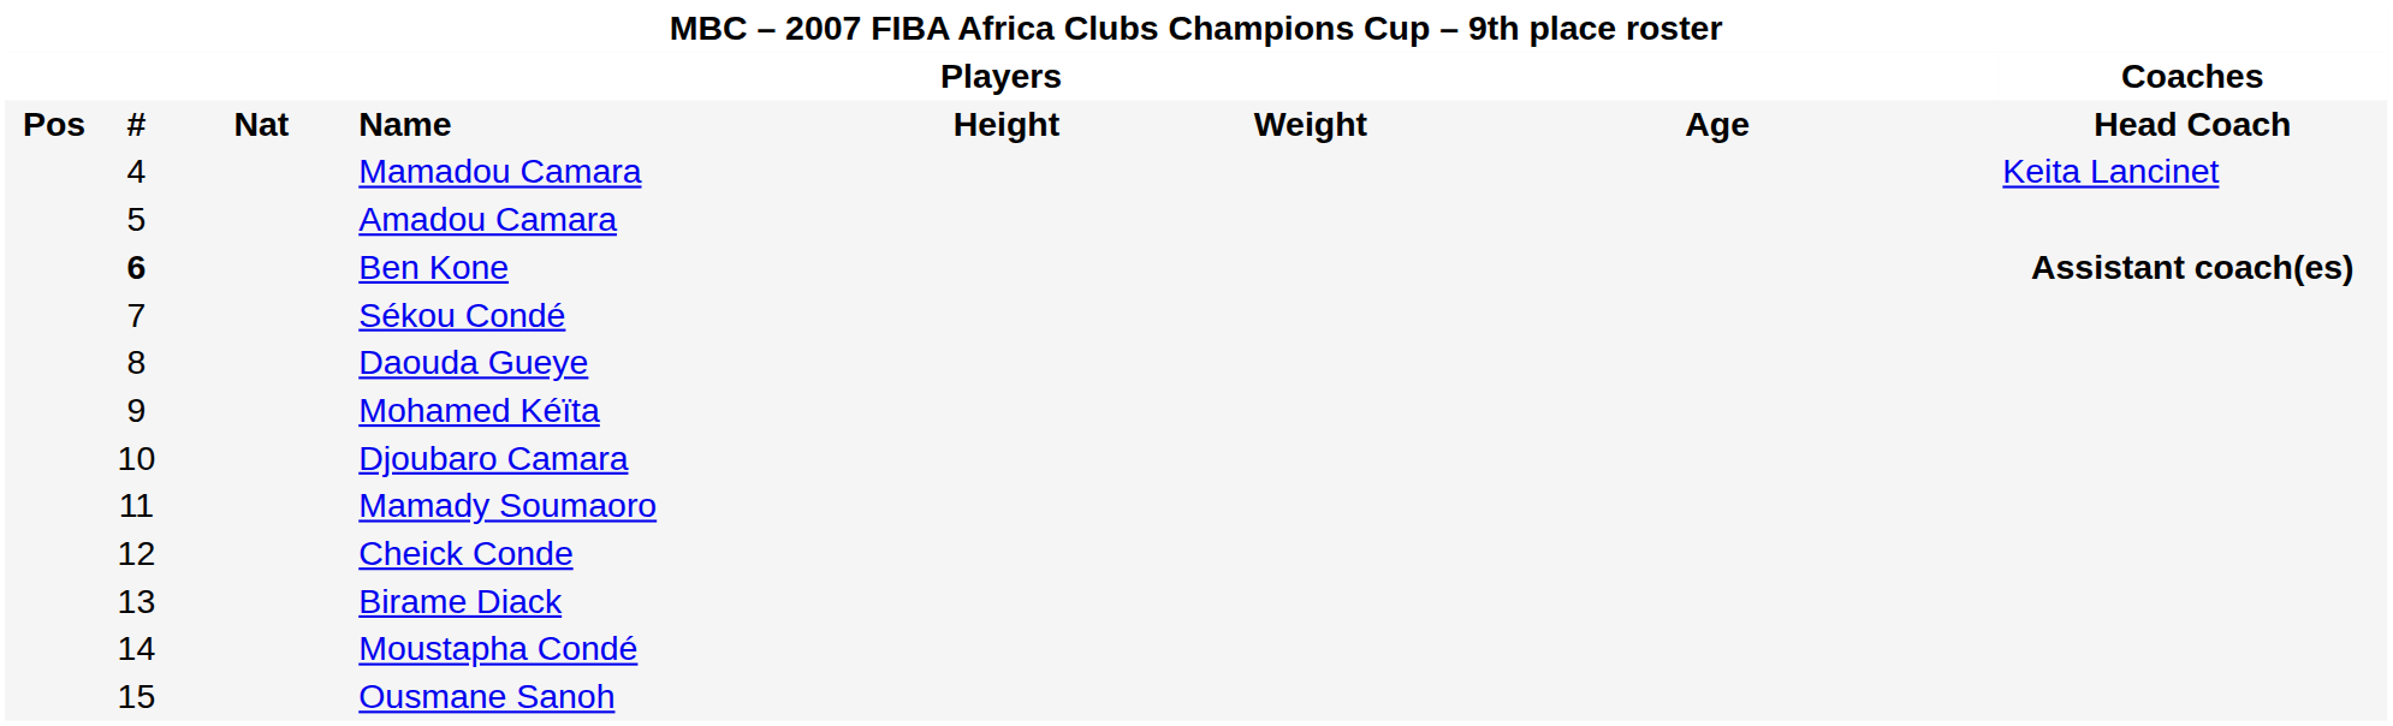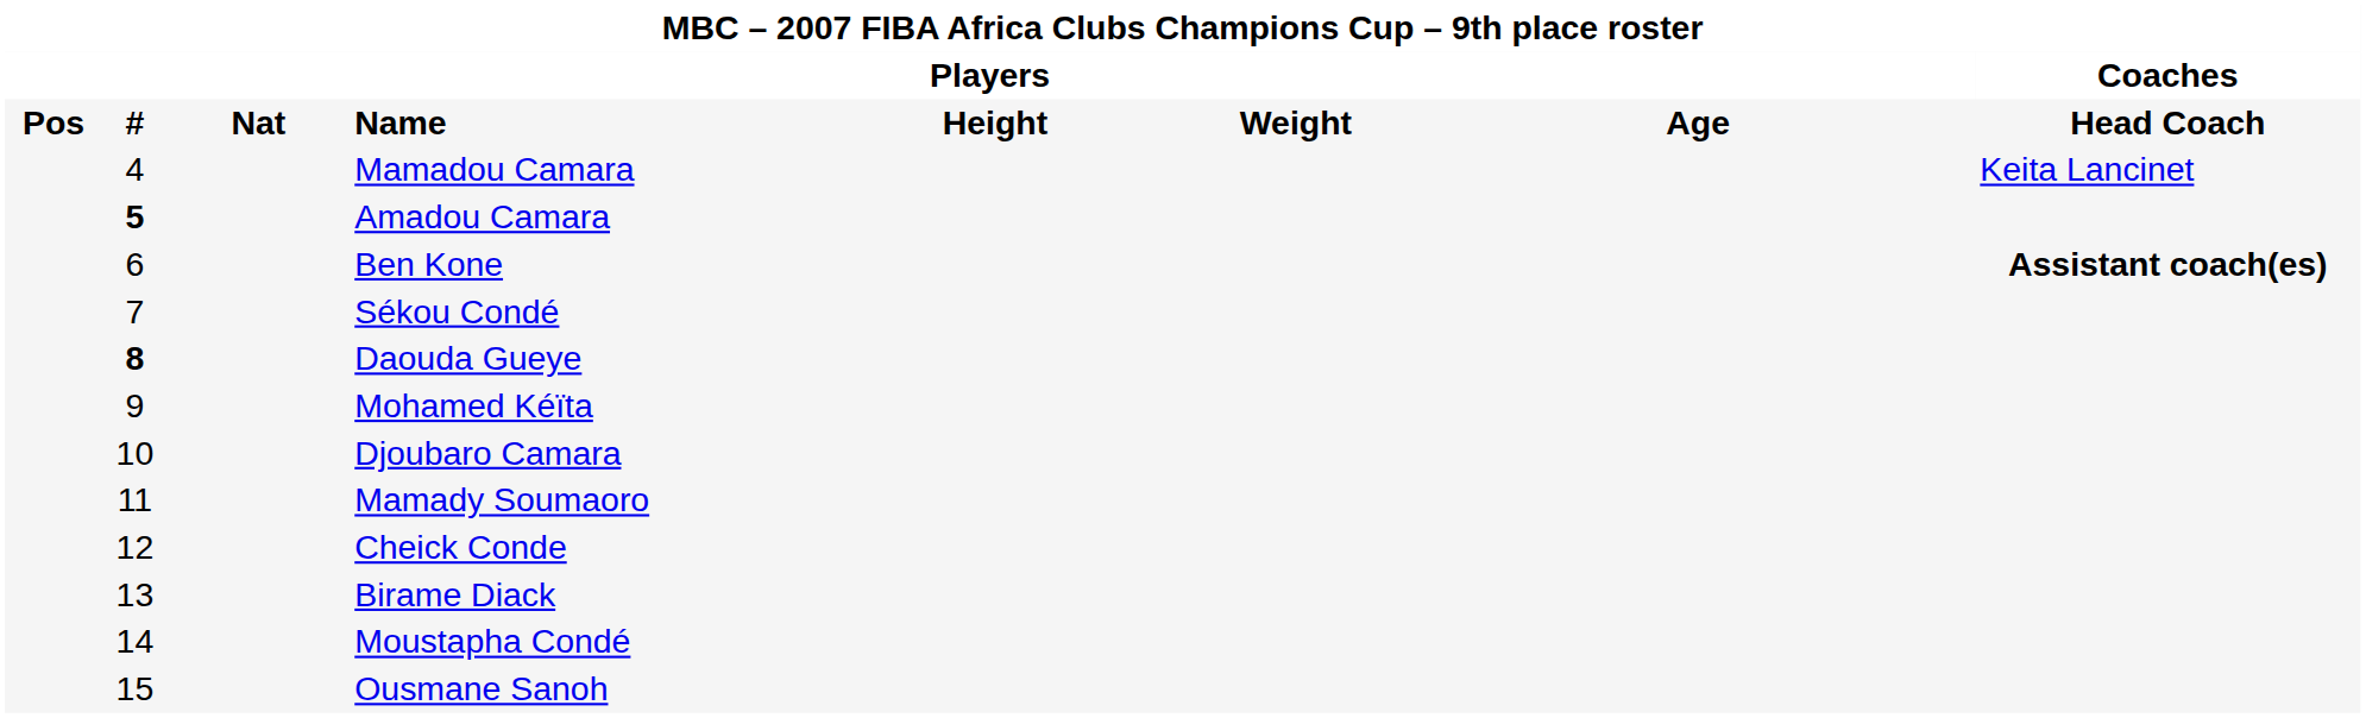 <table border=0 cellpadding=2 cellspacing=0  |- bgcolor=#f5f5f5 style="text-align:center; font-size:85%;" width=75%>
 <tr>
 <td colspan="8" style="background: white; color: black"><strong>MBC – 2007 FIBA Africa Clubs Champions Cup – 9th place roster</strong></td>
 </tr>
 <tr>
 <td colspan="7" style="background: white; color: black"><strong>Players</strong></td>
 <td style="background: white; color: black"><strong>Coaches</strong></td>
 </tr>
 <tr style="background=#f5f5f5; color: black">
 <th width=5px>Pos</th>
 <th width=5px>#</th>
 <th width=50px>Nat</th>
 <th width=135px align=left>Name</th>
 <th width=100px>Height</th>
 <th width=70px>Weight</th>
 <th width=160px>Age</th>
 <th width=110px>Head Coach</th>
 </tr>
 <tr>
 <td></td>
 <td>4</td>
 <td></td>
 <td align=left><a href='#'>Mamadou Camara</a></td>
 <td></td>
 <td></td>
 <td><span></span></td>
 <td align=left> <a href='#'>Keita Lancinet</a></td>
 </tr>
 <tr>
 <td></td>
-<td>5</td>
+<td><strong>5</strong></td>
 <td></td>
 <td align=left><a href='#'>Amadou Camara</a></td>
 <td></td>
 <td></td>
 <td><span></span></td>
 </tr>
 <tr>
 <td></td>
-<td><strong>6</strong></td>
+<td>6</td>
 <td></td>
 <td align=left><a href='#'>Ben Kone</a></td>
 <td></td>
 <td></td>
 <td><span></span></td>
 <td><strong>Assistant coach(es)</strong></td>
 </tr>
 <tr>
 <td></td>
 <td>7</td>
 <td></td>
 <td align=left><a href='#'>Sékou Condé</a></td>
 <td></td>
 <td></td>
 <td><span></span></td>
 <td align=left></td>
 </tr>
 <tr>
 <td></td>
-<td>8</td>
+<td><strong>8</strong></td>
 <td></td>
 <td align=left><a href='#'>Daouda Gueye</a></td>
 <td></td>
 <td></td>
 <td><span></span></td>
 <td align=left></td>
 </tr>
 <tr>
 <td></td>
 <td>9</td>
 <td></td>
 <td align=left><a href='#'>Mohamed Kéïta</a></td>
 <td></td>
 <td></td>
 <td><span></span></td>
 </tr>
 <tr>
 <td></td>
 <td>10</td>
 <td></td>
 <td align=left><a href='#'>Djoubaro Camara</a></td>
 <td></td>
 <td></td>
 <td><span></span></td>
 </tr>
 <tr>
 <td></td>
 <td>11</td>
 <td></td>
 <td align=left><a href='#'>Mamady Soumaoro</a></td>
 <td></td>
 <td></td>
 <td><span></span></td>
 </tr>
 <tr>
 <td></td>
 <td>12</td>
 <td></td>
 <td align=left><a href='#'>Cheick Conde</a></td>
 <td></td>
 <td></td>
 <td><span></span></td>
 </tr>
 <tr>
 <td></td>
 <td>13</td>
 <td></td>
 <td align=left><a href='#'>Birame Diack</a></td>
 <td></td>
 <td></td>
 <td><span></span></td>
 </tr>
 <tr>
 <td></td>
 <td>14</td>
 <td></td>
 <td align=left><a href='#'>Moustapha Condé</a></td>
 <td></td>
 <td></td>
 <td><span></span></td>
 </tr>
 <tr>
 <td></td>
 <td>15</td>
 <td></td>
 <td align=left><a href='#'>Ousmane Sanoh</a></td>
 <td></td>
 <td></td>
 <td><span></span></td>
 </tr>
 </table>
